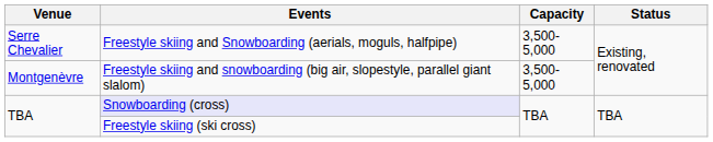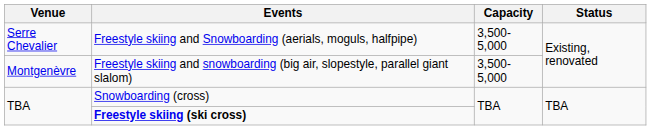 <table class="wikitable sortable">
 <tr>
 <th>Venue</th>
 <th>Events</th>
 <th>Capacity</th>
 <th>Status</th>
 </tr>
 <tr>
 <td><a href='#'>Serre Chevalier</a></td>
 <td><a href='#'>Freestyle skiing</a> and <a href='#'>Snowboarding</a> (aerials, moguls, halfpipe)</td>
 <td>3,500-5,000</td>
 <td rowspan="2">Existing, renovated</td>
 </tr>
 <tr>
 <td><a href='#'>Montgenèvre</a></td>
 <td><a href='#'>Freestyle skiing</a> and <a href='#'>snowboarding</a> (big air, slopestyle, parallel giant slalom)</td>
 <td>3,500-5,000</td>
 </tr>
 <tr>
 <td rowspan="2">TBA</td>
-<td style="background: lavender;"><a href='#'>Snowboarding</a> (cross)</td>
+<td><a href='#'>Snowboarding</a> (cross)</td>
 <td rowspan="2">TBA</td>
 <td rowspan="2">TBA</td>
 </tr>
 <tr>
-<td><a href='#'>Freestyle skiing</a> (ski cross)</td>
+<td><strong><a href='#'>Freestyle skiing</a> (ski cross)</strong></td>
 </tr>
 </table>
